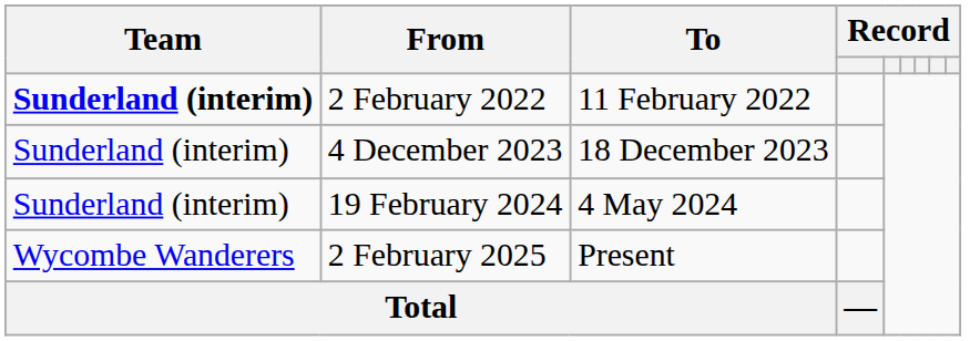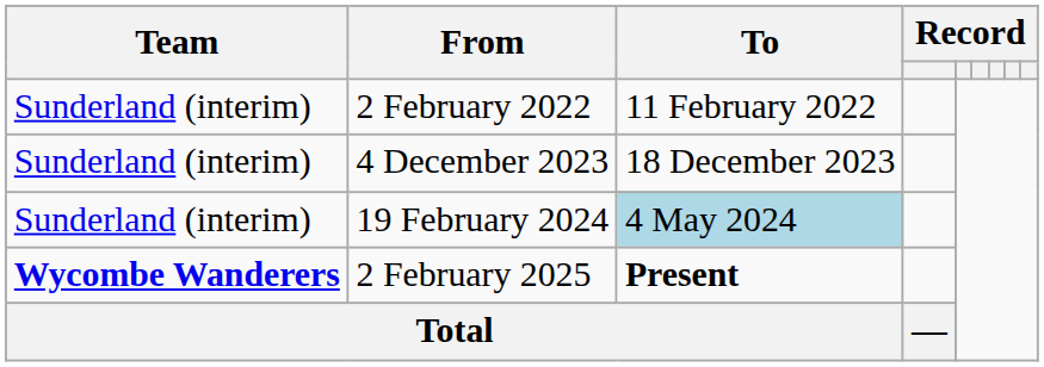 <table class="wikitable" style="text-align: center">
 <tr>
 <th rowspan=2>Team</th>
 <th rowspan=2>From</th>
 <th rowspan=2>To</th>
 <th colspan=6>Record</th>
 </tr>
 <tr>
 <th></th>
 <th></th>
 <th></th>
 <th></th>
 <th></th>
 <th></th>
 </tr>
 <tr>
-<td align=left><strong><a href='#'>Sunderland</a> (interim)</strong></td>
+<td align=left><a href='#'>Sunderland</a> (interim)</td>
 <td align=left>2 February 2022</td>
 <td align=left>11 February 2022<br></td>
 <td></td>
 </tr>
 <tr>
 <td align=left><a href='#'>Sunderland</a> (interim)</td>
 <td align=left>4 December 2023</td>
 <td align=left>18 December 2023<br></td>
 <td></td>
 </tr>
 <tr>
 <td align=left><a href='#'>Sunderland</a> (interim)</td>
 <td align=left>19 February 2024</td>
-<td align=left>4 May 2024<br></td>
+<td align=left style="background: lightblue;">4 May 2024<br></td>
 <td></td>
 </tr>
 <tr>
-<td align=left><a href='#'>Wycombe Wanderers</a></td>
+<td align=left><strong><a href='#'>Wycombe Wanderers</a></strong></td>
 <td align=left>2 February 2025</td>
-<td align=left>Present<br></td>
+<td align=left><strong>Present<br></strong></td>
 <td></td>
 </tr>
 <tr>
 <th colspan=3>Total<br></th>
 <th>—</th>
 </tr>
 </table>
